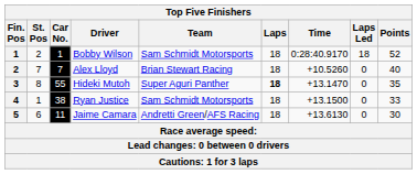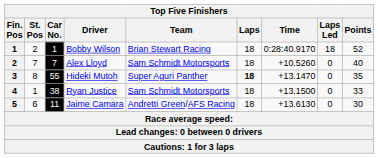 <table class="wikitable" style="font-size:85%;">
 <tr>
 <th colspan=9>Top Five Finishers</th>
 </tr>
 <tr>
 <th>Fin.<br>Pos</th>
 <th>St.<br>Pos</th>
 <th>Car<br>No.</th>
 <th>Driver</th>
 <th>Team</th>
 <th>Laps</th>
 <th>Time</th>
 <th>Laps<br>Led</th>
 <th>Points</th>
 </tr>
 <tr>
 <th>1</th>
 <td align=center>2</td>
 <td style="background:#000000; color:white;" align=center>1</td>
 <td> <a href='#'>Bobby Wilson</a></td>
-<td><a href='#'>Sam Schmidt Motorsports</a></td>
+<td><a href='#'>Brian Stewart Racing</a></td>
 <td align=center>18</td>
 <td align=right>0:28:40.9170</td>
 <td align=center>18</td>
 <td align=center>52</td>
 </tr>
 <tr>
 <th>2</th>
 <td align=center>7</td>
 <td style="background:#000000; color:white;" align=center>7</td>
 <td> <a href='#'>Alex Lloyd</a></td>
-<td><a href='#'>Brian Stewart Racing</a></td>
+<td><a href='#'>Sam Schmidt Motorsports</a></td>
 <td align=center>18</td>
 <td align=right>+10.5260</td>
 <td align=center>0</td>
 <td align=center>40</td>
 </tr>
 <tr>
 <th>3</th>
 <td align=center>8</td>
 <td style="background:#000000; color:white;" align=center>55</td>
 <td> <a href='#'>Hideki Mutoh</a></td>
 <td><a href='#'>Super Aguri Panther</a></td>
 <td align=center><strong>18</strong></td>
 <td align=right>+13.1470</td>
 <td align=center>0</td>
 <td align=center>35</td>
 </tr>
 <tr>
 <th>4</th>
 <td align=center>1</td>
 <td style="background:#000000; color:white;" align=center>38</td>
 <td> <a href='#'>Ryan Justice</a></td>
 <td><a href='#'>Sam Schmidt Motorsports</a></td>
 <td align=center>18</td>
 <td align=right>+13.1500</td>
 <td align=center>0</td>
 <td align=center>33</td>
 </tr>
 <tr>
 <th>5</th>
 <td align=center>6</td>
 <td style="background:#000000; color:white;" align=center>11</td>
 <td> <a href='#'>Jaime Camara</a></td>
 <td><a href='#'>Andretti Green</a>/<a href='#'>AFS Racing</a></td>
 <td align=center>18</td>
 <td align=right>+13.6130</td>
 <td align=center>0</td>
 <td align=center>30</td>
 </tr>
 <tr>
 <th colspan=9>Race average speed: </th>
 </tr>
 <tr>
 <th colspan=9>Lead changes: 0 between 0 drivers</th>
 </tr>
 <tr>
 <th colspan=9>Cautions: 1 for 3 laps</th>
 </tr>
 </table>
